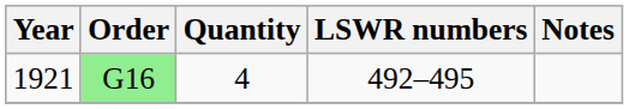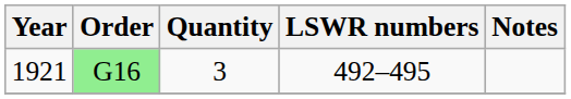 <table class="wikitable">
 <tr>
 <th>Year</th>
 <th>Order</th>
 <th>Quantity</th>
 <th>LSWR numbers</th>
 <th>Notes</th>
 </tr>
 <tr>
 <td>1921</td>
 <td style="background: lightgreen; text-align: center;">G16</td>
-<td style="text-align: center;">4</td>
+<td style="text-align: center;">3</td>
 <td style="text-align: center;">492–495</td>
 <td></td>
 </tr>
 <tr>
 </tr>
 </table>
